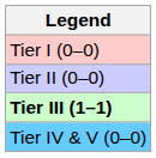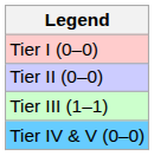 <table class="wikitable" style="font-size:90%;">
 <tr>
 <th>Legend</th>
 </tr>
 <tr>
 <td bgcolor=#ffcccc>Tier I (0–0)</td>
 </tr>
 <tr>
 <td bgcolor=#ccccff>Tier II (0–0)</td>
 </tr>
 <tr>
-<td bgcolor=#CCFFCC><strong>Tier III (1–1)</strong></td>
+<td bgcolor=#CCFFCC>Tier III (1–1)</td>
 </tr>
 <tr>
 <td bgcolor=#66CCFF>Tier IV & V (0–0)</td>
 </tr>
 </table>
